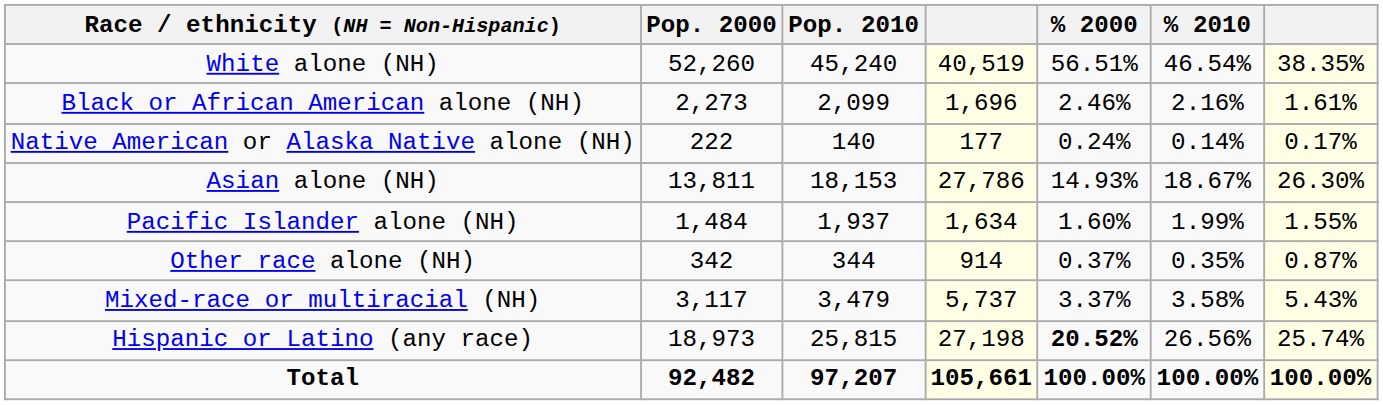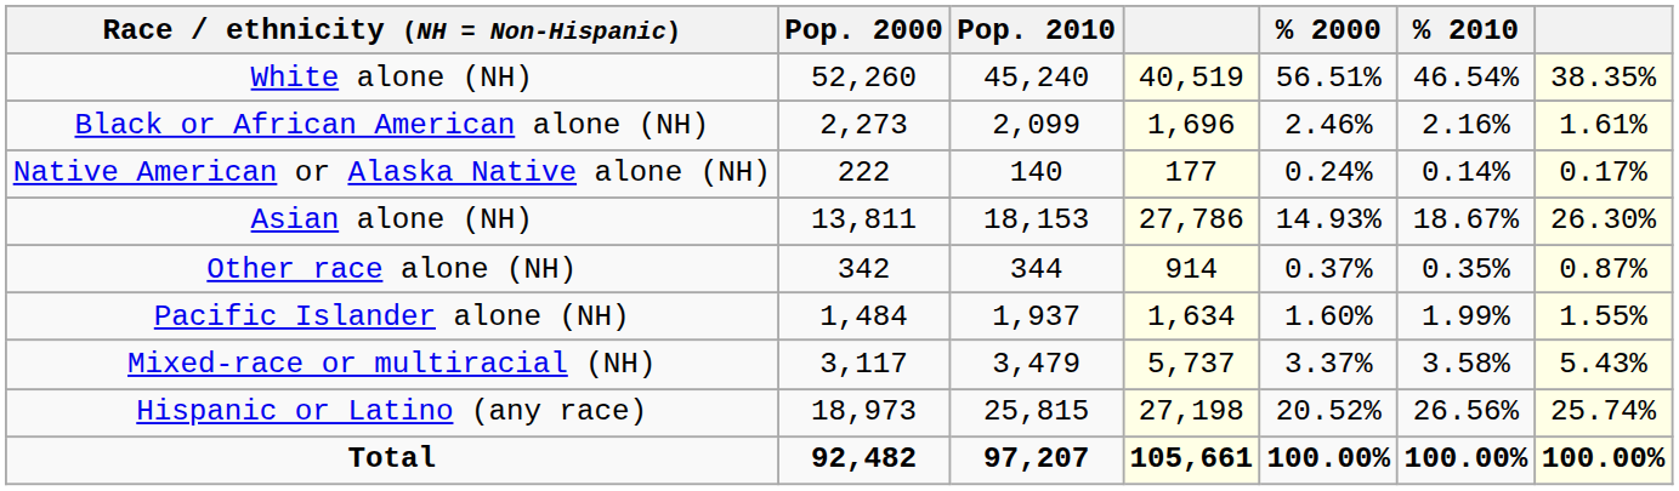 <table class="wikitable" style="text-align:center;">
 <tr>
 <th>Race / ethnicity <small>(<em>NH = Non-Hispanic</em>)</small></th>
 <th>Pop. 2000</th>
 <th>Pop. 2010</th>
 <th></th>
 <th>% 2000</th>
 <th>% 2010</th>
 <th></th>
 </tr>
 <tr>
 <td><a href='#'>White</a> alone (NH)</td>
 <td>52,260</td>
 <td>45,240</td>
 <td style='background: #ffffe6;'>40,519</td>
 <td>56.51%</td>
 <td>46.54%</td>
 <td style='background: #ffffe6;'>38.35%</td>
 </tr>
 <tr>
 <td><a href='#'>Black or African American</a> alone (NH)</td>
 <td>2,273</td>
 <td>2,099</td>
 <td style='background: #ffffe6;'>1,696</td>
 <td>2.46%</td>
 <td>2.16%</td>
 <td style='background: #ffffe6;'>1.61%</td>
 </tr>
 <tr>
 <td><a href='#'>Native American</a> or <a href='#'>Alaska Native</a> alone (NH)</td>
 <td>222</td>
 <td>140</td>
 <td style='background: #ffffe6;'>177</td>
 <td>0.24%</td>
 <td>0.14%</td>
 <td style='background: #ffffe6;'>0.17%</td>
 </tr>
 <tr>
 <td><a href='#'>Asian</a> alone (NH)</td>
 <td>13,811</td>
 <td>18,153</td>
 <td style='background: #ffffe6;'>27,786</td>
 <td>14.93%</td>
 <td>18.67%</td>
 <td style='background: #ffffe6;'>26.30%</td>
 </tr>
 <tr>
+<td><a href='#'>Other race</a> alone (NH)</td>
+<td>342</td>
+<td>344</td>
+<td style='background: #ffffe6;'>914</td>
+<td>0.37%</td>
+<td>0.35%</td>
+<td style='background: #ffffe6;'>0.87%</td>
+</tr>
+<tr>
 <td><a href='#'>Pacific Islander</a> alone (NH)</td>
 <td>1,484</td>
 <td>1,937</td>
 <td style='background: #ffffe6;'>1,634</td>
 <td>1.60%</td>
 <td>1.99%</td>
 <td style='background: #ffffe6;'>1.55%</td>
-</tr>
-<tr>
-<td><a href='#'>Other race</a> alone (NH)</td>
-<td>342</td>
-<td>344</td>
-<td style='background: #ffffe6;'>914</td>
-<td>0.37%</td>
-<td>0.35%</td>
-<td style='background: #ffffe6;'>0.87%</td>
 </tr>
 <tr>
 <td><a href='#'>Mixed-race or multiracial</a> (NH)</td>
 <td>3,117</td>
 <td>3,479</td>
 <td style='background: #ffffe6;'>5,737</td>
 <td>3.37%</td>
 <td>3.58%</td>
 <td style='background: #ffffe6;'>5.43%</td>
 </tr>
 <tr>
 <td><a href='#'>Hispanic or Latino</a> (any race)</td>
 <td>18,973</td>
 <td>25,815</td>
 <td style='background: #ffffe6;'>27,198</td>
-<td><strong>20.52%</strong></td>
+<td>20.52%</td>
 <td>26.56%</td>
 <td style='background: #ffffe6;'>25.74%</td>
 </tr>
 <tr>
 <td><strong>Total</strong></td>
 <td><strong>92,482</strong></td>
 <td><strong>97,207</strong></td>
 <td style='background: #ffffe6;'><strong>105,661</strong></td>
 <td><strong>100.00%</strong></td>
 <td><strong>100.00%</strong></td>
 <td style='background: #ffffe6;'><strong>100.00%</strong></td>
 </tr>
 </table>
